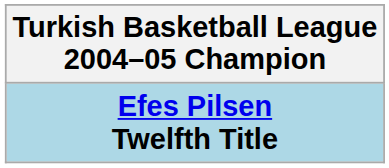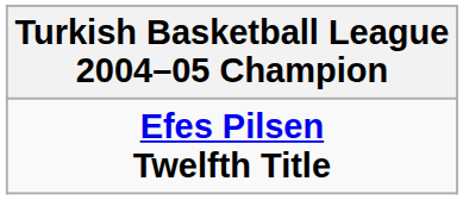 <table class=wikitable style="text-align:center; margin:auto">
 <tr>
 <th>Turkish Basketball League <br> 2004–05 Champion</th>
 </tr>
 <tr>
-<td style="background: lightblue;"><strong><a href='#'>Efes Pilsen</a></strong> <br> <strong>Twelfth Title</strong><br></td>
+<td><strong><a href='#'>Efes Pilsen</a></strong> <br> <strong>Twelfth Title</strong><br></td>
 </tr>
 </table>
